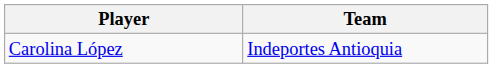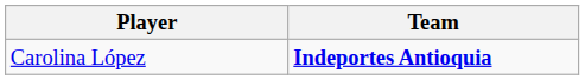 <table class="wikitable" style="text-align: center;">
 <tr>
 <th style="width:200px;">Player</th>
 <th style="width:205px;">Team</th>
 </tr>
 <tr>
 <td align=left> <a href='#'>Carolina López</a></td>
-<td align=left> <a href='#'>Indeportes Antioquia</a></td>
+<td align=left><strong> <a href='#'>Indeportes Antioquia</a></strong></td>
 </tr>
 </table>
